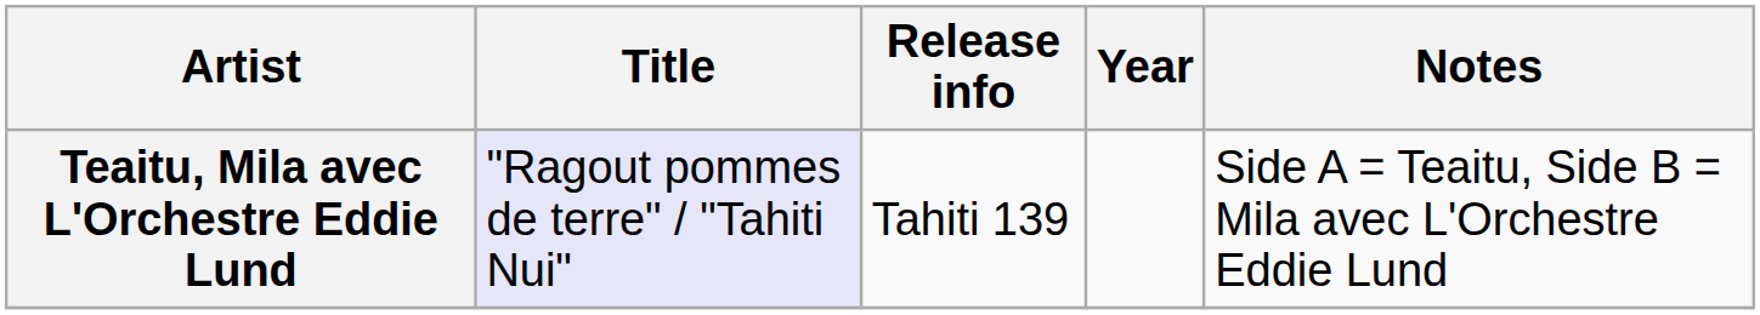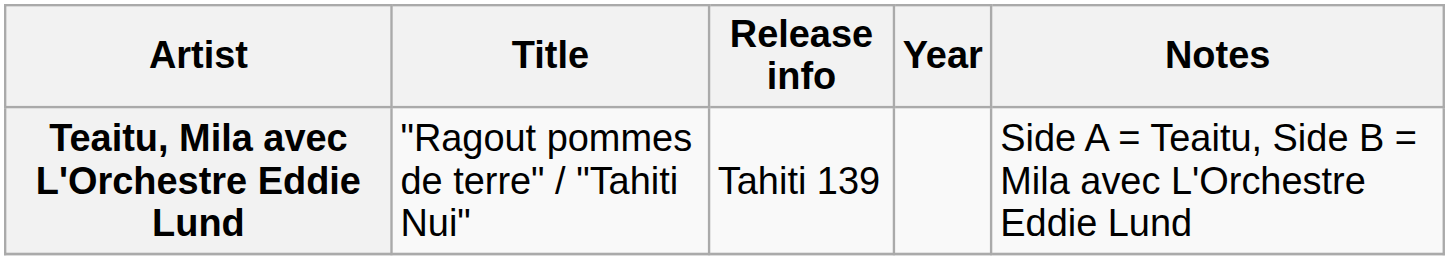 <table class="wikitable plainrowheaders sortable">
 <tr>
 <th scope="col">Artist</th>
 <th scope="col">Title</th>
 <th scope="col">Release info</th>
 <th scope="col">Year</th>
 <th scope="col" class="unsortable">Notes</th>
 </tr>
 <tr>
 <th scope="row">Teaitu, Mila avec L'Orchestre Eddie Lund</th>
-<td style="background: lavender;">"Ragout pommes de terre" / "Tahiti Nui"</td>
+<td>"Ragout pommes de terre" / "Tahiti Nui"</td>
 <td>Tahiti 139</td>
 <td></td>
 <td>Side A = Teaitu, Side B = Mila avec L'Orchestre Eddie Lund</td>
 </tr>
 <tr>
 </tr>
 </table>
